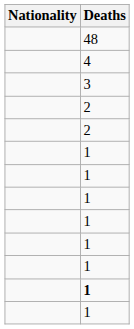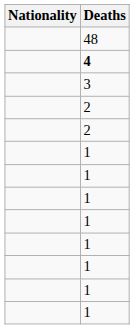 <table class="wikitable" style="float:right; margin:10px">
 <tr>
 <th>Nationality</th>
 <th>Deaths</th>
 </tr>
 <tr>
 <td></td>
 <td>48</td>
 </tr>
 <tr>
 <td></td>
-<td>4</td>
+<td><strong>4</strong></td>
 </tr>
 <tr>
 <td></td>
 <td>3</td>
 </tr>
 <tr>
 <td></td>
 <td>2</td>
 </tr>
 <tr>
 <td></td>
 <td>2</td>
 </tr>
 <tr>
 <td></td>
 <td>1</td>
 </tr>
 <tr>
 <td></td>
 <td>1</td>
 </tr>
 <tr>
 <td></td>
 <td>1</td>
 </tr>
 <tr>
 <td></td>
 <td>1</td>
 </tr>
 <tr>
 <td></td>
 <td>1</td>
 </tr>
 <tr>
 <td></td>
 <td>1</td>
 </tr>
 <tr>
 <td></td>
-<td><strong>1</strong></td>
+<td>1</td>
 </tr>
 <tr>
 <td></td>
 <td>1</td>
 </tr>
 </table>
